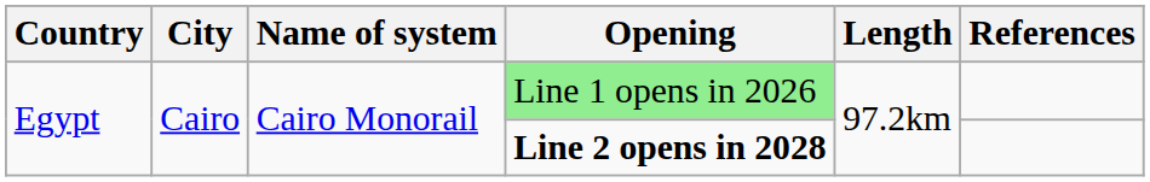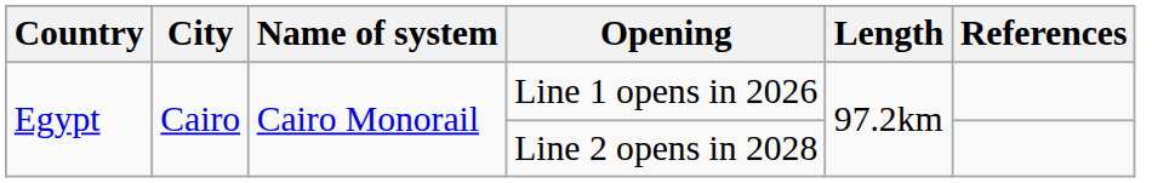 <table class="wikitable">
 <tr>
 <th>Country</th>
 <th>City</th>
 <th>Name of system</th>
 <th>Opening</th>
 <th>Length</th>
 <th>References</th>
 </tr>
 <tr>
 <td rowspan="2"> <a href='#'>Egypt</a></td>
 <td rowspan="2"><a href='#'>Cairo</a></td>
 <td rowspan="2"><a href='#'>Cairo Monorail</a></td>
-<td style="background: lightgreen;">Line 1 opens in 2026</td>
+<td>Line 1 opens in 2026</td>
 <td rowspan="2">97.2km</td>
 </tr>
 <tr>
-<td><strong>Line 2 opens in 2028</strong></td>
+<td>Line 2 opens in 2028</td>
 <td></td>
 </tr>
 </table>
